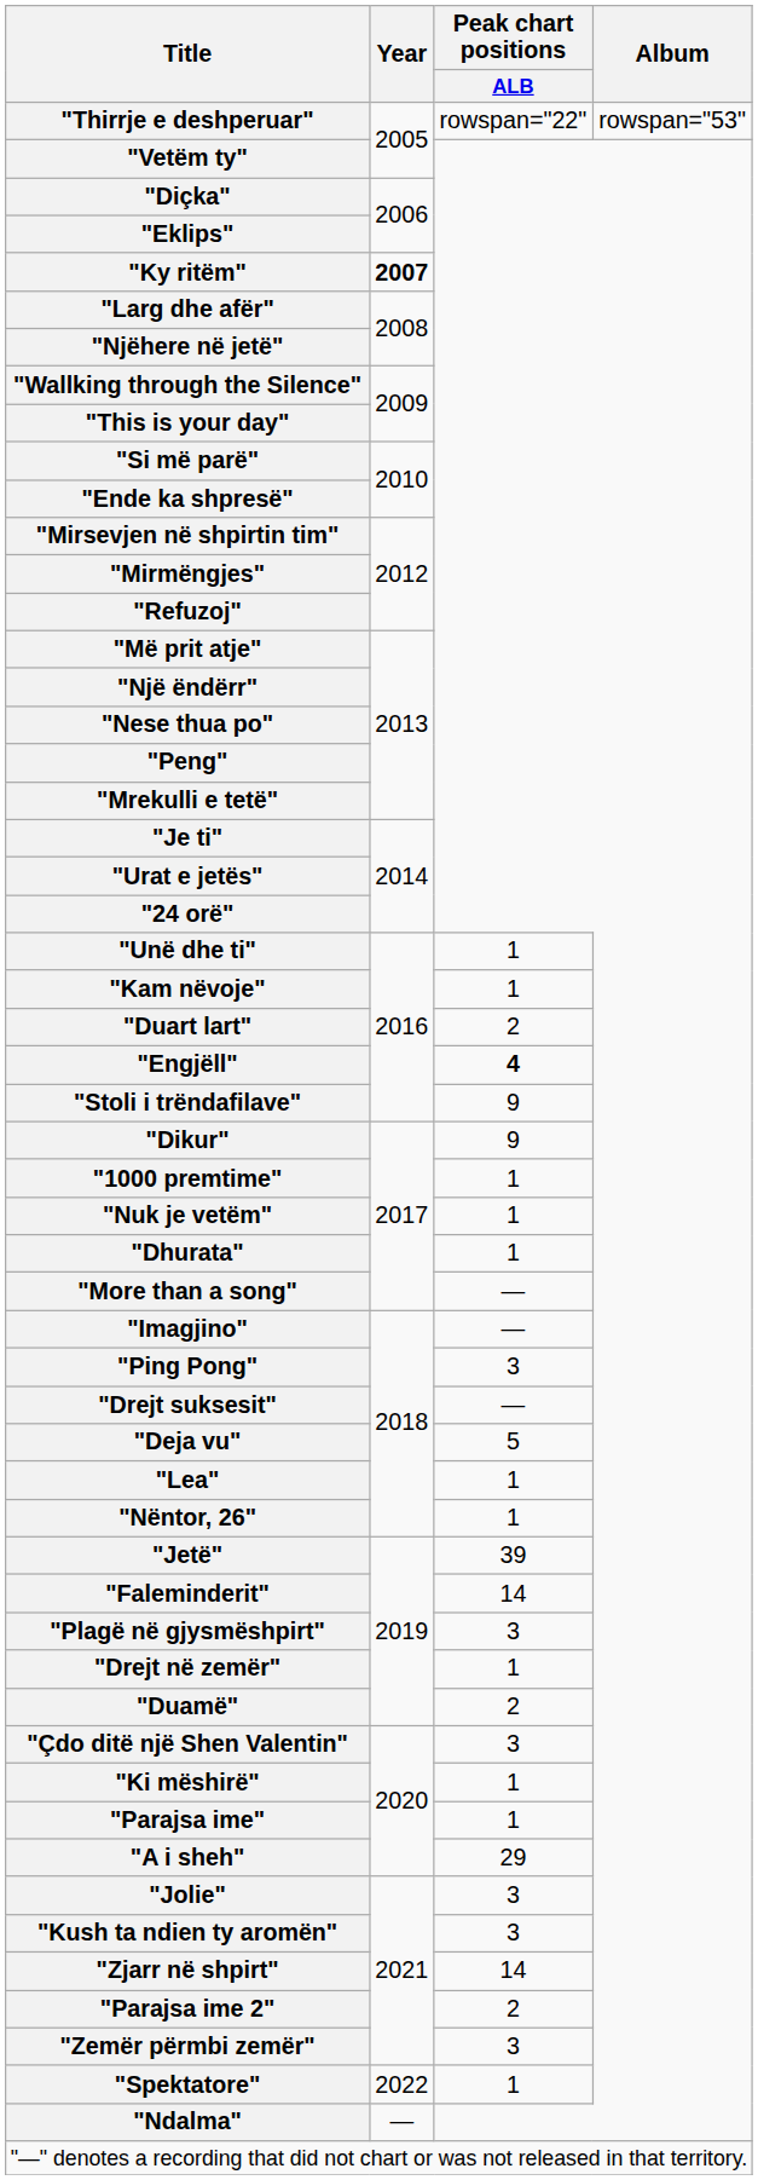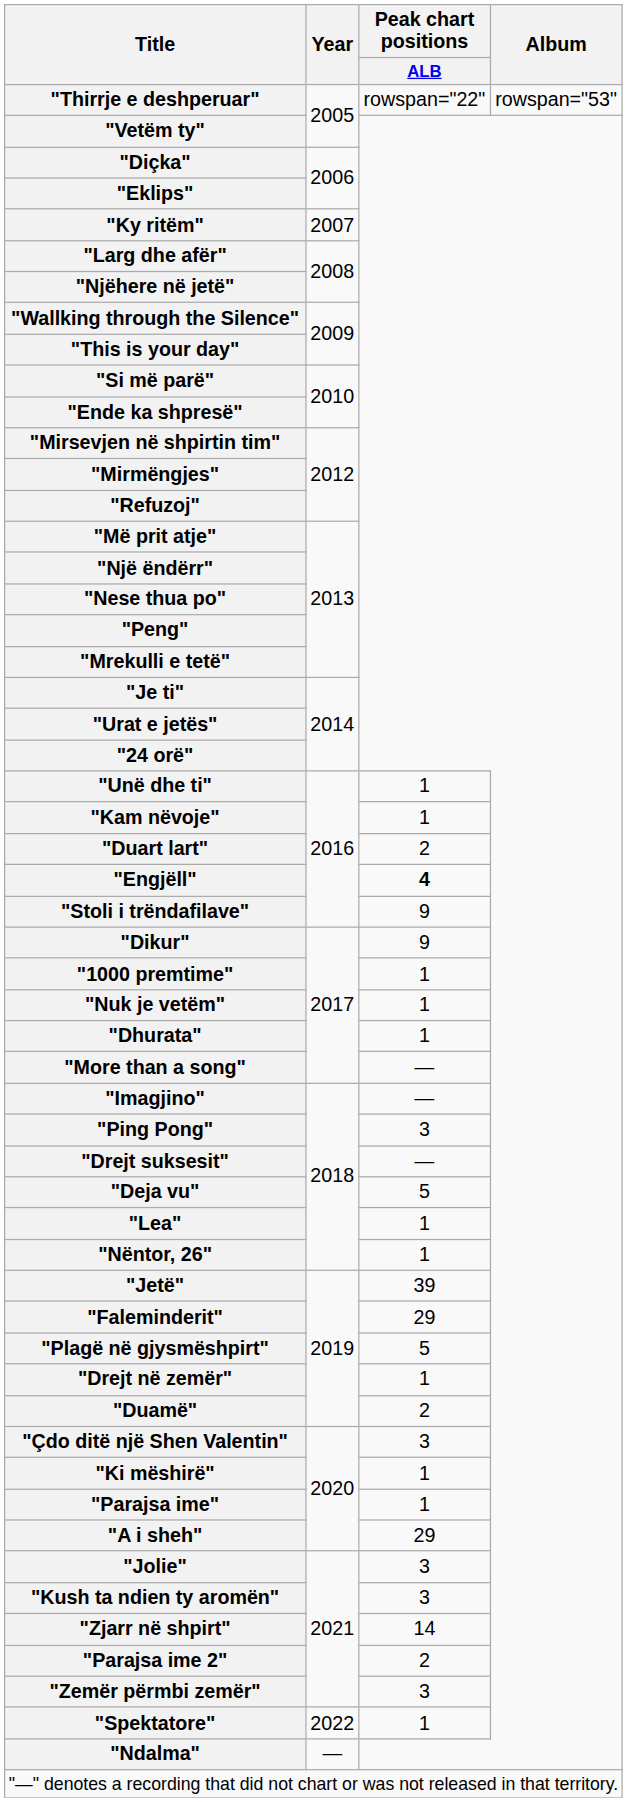 <table class="wikitable plainrowheaders" style="text-align:center;">
 <tr>
 <th scope="col" rowspan="2">Title</th>
 <th scope="col" rowspan="2">Year</th>
 <th scope="col" colspan="1">Peak chart positions</th>
 <th scope="col" rowspan="2">Album</th>
 </tr>
 <tr>
 <th style="width:3em; font-size:85%;"><a href='#'>ALB</a><br></th>
 </tr>
 <tr>
 <th scope="row">"Thirrje e deshperuar"</th>
 <td rowspan="2">2005</td>
 <td>rowspan="22" </td>
 <td>rowspan="53" </td>
 </tr>
 <tr>
 <th scope="row">"Vetëm ty"</th>
 </tr>
 <tr>
 <th scope="row">"Diçka"</th>
 <td rowspan="2">2006</td>
 </tr>
 <tr>
 <th scope="row">"Eklips"</th>
 </tr>
 <tr>
 <th scope="row">"Ky ritëm"</th>
-<td><strong>2007</strong></td>
+<td>2007</td>
 </tr>
 <tr>
 <th scope="row">"Larg dhe afër"</th>
 <td rowspan="2">2008</td>
 </tr>
 <tr>
 <th scope="row">"Njëhere në jetë"</th>
 </tr>
 <tr>
 <th scope="row">"Wallking through the Silence"</th>
 <td rowspan="2">2009</td>
 </tr>
 <tr>
 <th scope="row">"This is your day"</th>
 </tr>
 <tr>
 <th scope="row">"Si më parë"</th>
 <td rowspan="2">2010</td>
 </tr>
 <tr>
 <th scope="row">"Ende ka shpresë"<br></th>
 </tr>
 <tr>
 <th scope="row">"Mirsevjen në shpirtin tim"</th>
 <td rowspan="3">2012</td>
 </tr>
 <tr>
 <th scope="row">"Mirmëngjes"</th>
 </tr>
 <tr>
 <th scope="row">"Refuzoj"</th>
 </tr>
 <tr>
 <th scope="row">"Më prit atje"</th>
 <td rowspan="5">2013</td>
 </tr>
 <tr>
 <th scope="row">"Një ëndërr"<br></th>
 </tr>
 <tr>
 <th scope="row">"Nese thua po"</th>
 </tr>
 <tr>
 <th scope="row">"Peng"<br></th>
 </tr>
 <tr>
 <th scope="row">"Mrekulli e tetë"<br></th>
 </tr>
 <tr>
 <th scope="row">"Je ti"</th>
 <td rowspan="3">2014</td>
 </tr>
 <tr>
 <th scope="row">"Urat e jetës"</th>
 </tr>
 <tr>
 <th scope="row">"24 orë"<br></th>
 </tr>
 <tr>
 <th scope="row">"Unë dhe ti"</th>
 <td rowspan="5">2016</td>
 <td>1</td>
 </tr>
 <tr>
 <th scope="row">"Kam nëvoje"<br></th>
 <td>1</td>
 </tr>
 <tr>
 <th scope="row">"Duart lart"</th>
 <td>2</td>
 </tr>
 <tr>
 <th scope="row">"Engjëll"</th>
 <td><strong>4</strong></td>
 </tr>
 <tr>
 <th scope="row">"Stoli i trëndafilave"</th>
 <td>9</td>
 </tr>
 <tr>
 <th scope="row">"Dikur"</th>
 <td rowspan="5">2017</td>
 <td>9</td>
 </tr>
 <tr>
 <th scope="row">"1000 premtime"<br></th>
 <td>1</td>
 </tr>
 <tr>
 <th scope="row">"Nuk je vetëm"</th>
 <td>1</td>
 </tr>
 <tr>
 <th scope="row">"Dhurata"<br></th>
 <td>1</td>
 </tr>
 <tr>
 <th scope="row">"More than a song"<br></th>
 <td>—</td>
 </tr>
 <tr>
 <th scope="row">"Imagjino"<br></th>
 <td rowspan="6">2018</td>
 <td>—</td>
 </tr>
 <tr>
 <th scope="row">"Ping Pong"<br></th>
 <td>3</td>
 </tr>
 <tr>
 <th scope="row">"Drejt suksesit"<br></th>
 <td>—</td>
 </tr>
 <tr>
 <th scope="row">"Deja vu"<br></th>
 <td>5</td>
 </tr>
 <tr>
 <th scope="row">"Lea"</th>
 <td>1</td>
 </tr>
 <tr>
 <th scope="row">"Nëntor, 26"</th>
 <td>1</td>
 </tr>
 <tr>
 <th scope="row">"Jetë"</th>
 <td rowspan="5">2019</td>
 <td>39</td>
 </tr>
 <tr>
 <th scope="row">"Faleminderit"</th>
-<td>14</td>
+<td>29</td>
 </tr>
 <tr>
 <th scope="row">"Plagë në gjysmëshpirt"</th>
-<td>3</td>
+<td>5</td>
 </tr>
 <tr>
 <th scope="row">"Drejt në zemër"<br></th>
 <td>1</td>
 </tr>
 <tr>
 <th scope="row">"Duamë"<br></th>
 <td>2</td>
 </tr>
 <tr>
 <th scope="row">"Çdo ditë një Shen Valentin"</th>
 <td rowspan="4">2020</td>
 <td>3</td>
 </tr>
 <tr>
 <th scope="row">"Ki mëshirë"</th>
 <td>1</td>
 </tr>
 <tr>
 <th scope="row">"Parajsa ime"<br></th>
 <td>1</td>
 </tr>
 <tr>
 <th scope="row">"A i sheh"<br></th>
 <td>29</td>
 </tr>
 <tr>
 <th scope="row">"Jolie"</th>
 <td rowspan="5">2021</td>
 <td>3</td>
 </tr>
 <tr>
 <th scope="row">"Kush ta ndien ty aromën"</th>
 <td>3</td>
 </tr>
 <tr>
 <th scope="row">"Zjarr në shpirt"</th>
 <td>14</td>
 </tr>
 <tr>
 <th scope="row">"Parajsa ime 2"<br></th>
 <td>2</td>
 </tr>
 <tr>
 <th scope="row">"Zemër përmbi zemër"<br></th>
 <td>3</td>
 </tr>
 <tr>
 <th scope="row">"Spektatore"</th>
 <td rowspan="1">2022</td>
 <td>1</td>
 </tr>
 <tr>
 <th scope="row">"Ndalma"<br></th>
 <td>—</td>
 </tr>
 <tr>
 <td colspan="11" style="font-size:90%">"—" denotes a recording that did not chart or was not released in that territory.</td>
 </tr>
 </table>
